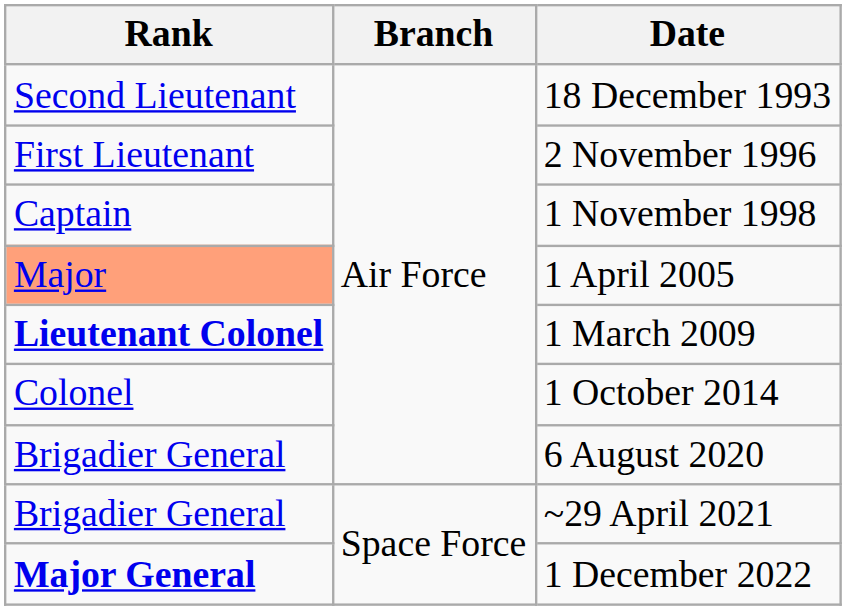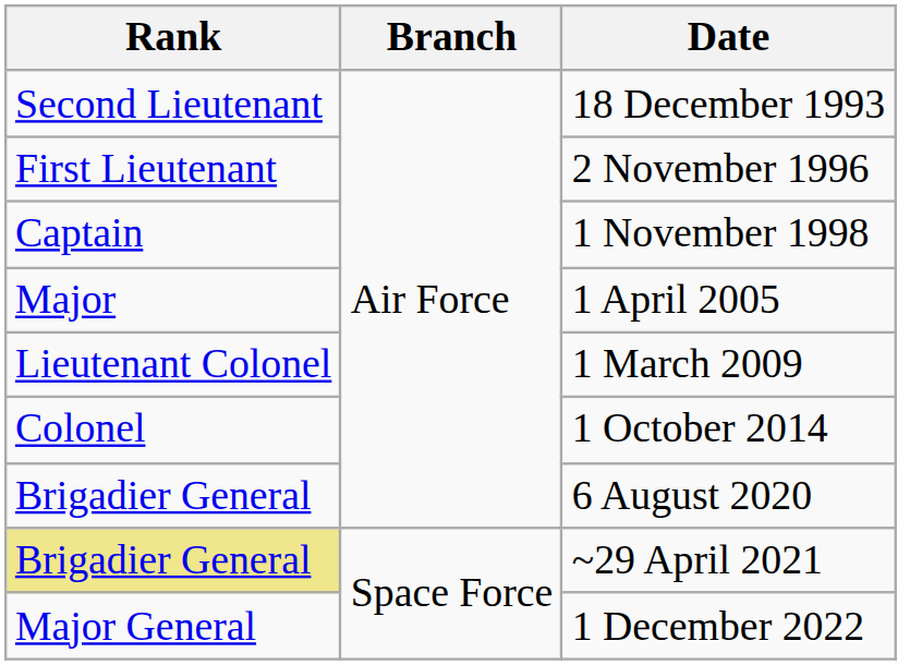 <table class="wikitable">
 <tr>
 <th>Rank</th>
 <th>Branch</th>
 <th>Date</th>
 </tr>
 <tr>
 <td> <a href='#'>Second Lieutenant</a></td>
 <td rowspan=7>Air Force</td>
 <td>18 December 1993</td>
 </tr>
 <tr>
 <td> <a href='#'>First Lieutenant</a></td>
 <td>2 November 1996</td>
 </tr>
 <tr>
 <td> <a href='#'>Captain</a></td>
 <td>1 November 1998</td>
 </tr>
 <tr>
-<td style="background: lightsalmon;"> <a href='#'>Major</a></td>
+<td> <a href='#'>Major</a></td>
 <td>1 April 2005</td>
 </tr>
 <tr>
-<td><strong> <a href='#'>Lieutenant Colonel</a></strong></td>
+<td> <a href='#'>Lieutenant Colonel</a></td>
 <td>1 March 2009</td>
 </tr>
 <tr>
 <td> <a href='#'>Colonel</a></td>
 <td>1 October 2014</td>
 </tr>
 <tr>
 <td> <a href='#'>Brigadier General</a></td>
 <td>6 August 2020</td>
 </tr>
 <tr>
-<td> <a href='#'>Brigadier General</a></td>
+<td style="background: khaki;"> <a href='#'>Brigadier General</a></td>
 <td rowspan=2>Space Force</td>
 <td>~29 April 2021</td>
 </tr>
 <tr>
-<td><strong> <a href='#'>Major General</a></strong></td>
+<td> <a href='#'>Major General</a></td>
 <td>1 December 2022</td>
 </tr>
 </table>
